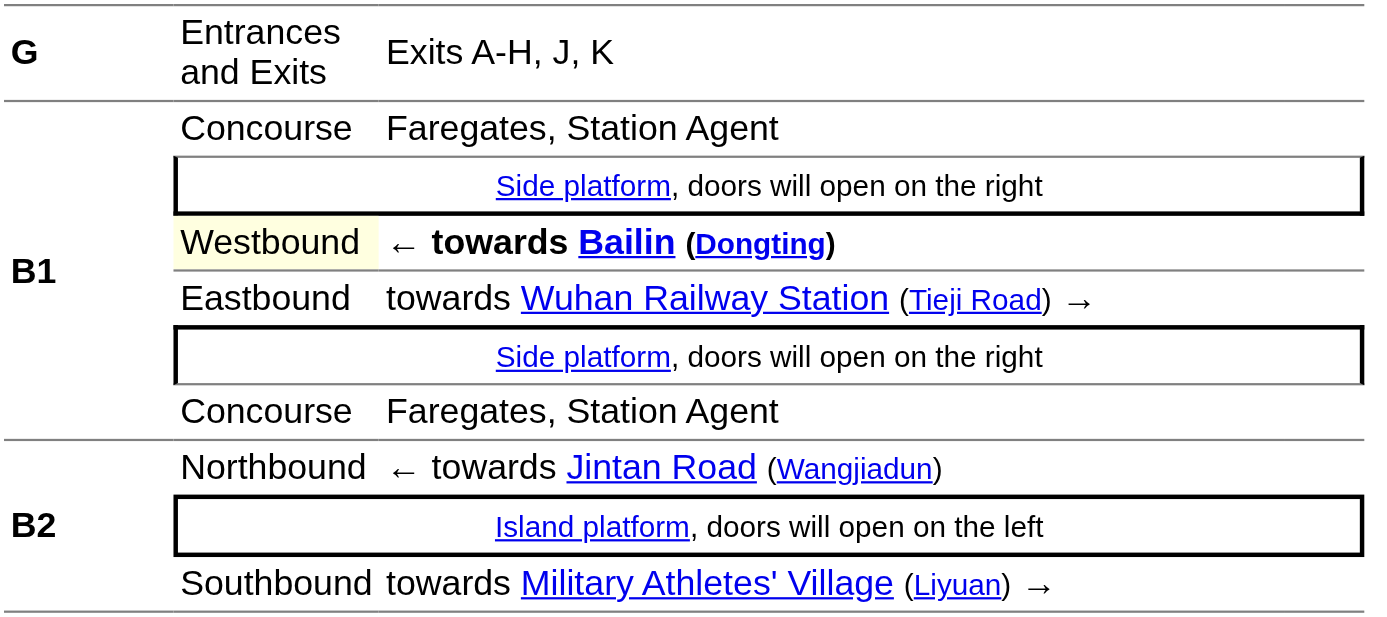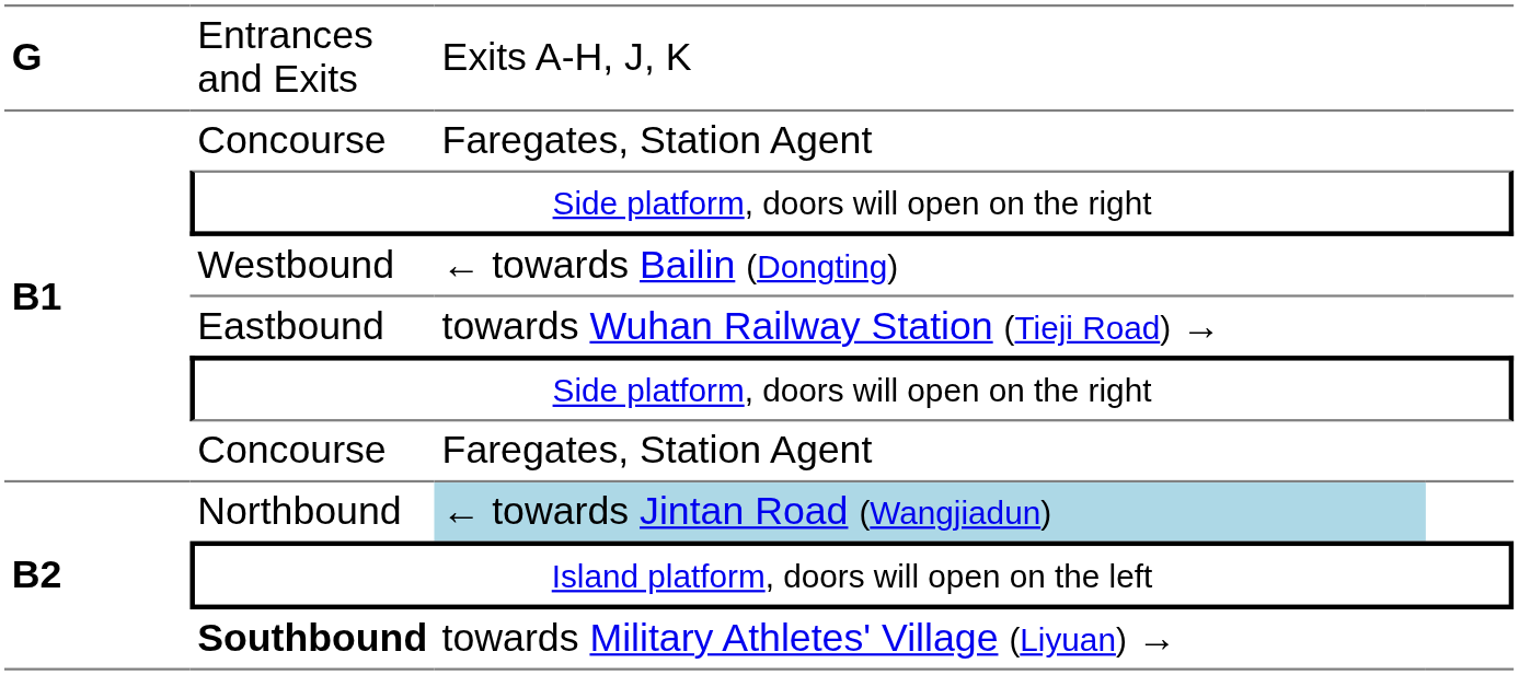 <table table border=0 cellspacing=0 cellpadding=3>
 <tr>
 <td style="border-top:solid 1px gray;" width=70><strong>G</strong></td>
 <td style="border-top:solid 1px gray;" width=70>Entrances and Exits</td>
 <td style="border-top:solid 1px gray;" width=400>Exits A-H, J, K</td>
 <td style="border-top:solid 1px gray;" width=30></td>
 </tr>
 <tr>
 <td style="border-top:solid 1px gray;border-bottom:solid 1px gray;" rowspan=6><strong>B1</strong></td>
 <td style="border-top:solid 1px gray;">Concourse</td>
 <td style="border-top:solid 1px gray;">Faregates, Station Agent</td>
 <td style="border-top:solid 1px gray;"></td>
 </tr>
 <tr>
 <td style="border-right:solid 2px black;border-left:solid 2px black;border-top:solid 1px gray;border-bottom:solid 2px black;text-align:center;" colspan=3><small><a href='#'>Side platform</a>, doors will open on the right</small></td>
 </tr>
 <tr>
-<td style="background: lightyellow;">Westbound</td>
-<td><strong>←  towards <a href='#'>Bailin</a> <small>(<a href='#'>Dongting</a>)</small></strong></td>
+<td>Westbound</td>
+<td>←  towards <a href='#'>Bailin</a> <small>(<a href='#'>Dongting</a>)</small></td>
 <td></td>
 </tr>
 <tr>
 <td style="border-top:solid 1px gray;">Eastbound</td>
 <td style="border-top:solid 1px gray;"> towards <a href='#'>Wuhan Railway Station</a> <small>(<a href='#'>Tieji Road</a>)</small> →</td>
 <td style="border-top:solid 1px gray;"></td>
 </tr>
 <tr>
 <td style="border-right:solid 2px black;border-left:solid 2px black;border-top:solid 2px black;border-bottom:solid 1px gray;text-align:center;" colspan=3><small><a href='#'>Side platform</a>, doors will open on the right</small></td>
 </tr>
 <tr>
 <td style="border-bottom:solid 1px gray;">Concourse</td>
 <td style="border-bottom:solid 1px gray;">Faregates, Station Agent</td>
 <td style="border-bottom:solid 1px gray;"></td>
 </tr>
 <tr>
 <td style="border-bottom:solid 1px gray;" rowspan=3><strong>B2</strong></td>
 <td>Northbound</td>
-<td>←  towards <a href='#'>Jintan Road</a> <small>(<a href='#'>Wangjiadun</a>)</small></td>
+<td style="background: lightblue;">←  towards <a href='#'>Jintan Road</a> <small>(<a href='#'>Wangjiadun</a>)</small></td>
 <td></td>
 </tr>
 <tr>
 <td style="border-right:solid 2px black;border-left:solid 2px black;border-top:solid 2px black;border-bottom:solid 2px black;text-align:center;" colspan=3><small><a href='#'>Island platform</a>, doors will open on the left</small></td>
 </tr>
 <tr>
-<td style="border-bottom:solid 1px gray;">Southbound</td>
+<td style="border-bottom:solid 1px gray;"><strong>Southbound</strong></td>
 <td style="border-bottom:solid 1px gray;"> towards <a href='#'>Military Athletes' Village</a> <small>(<a href='#'>Liyuan</a>)</small> →</td>
 <td style="border-bottom:solid 1px gray;"></td>
 </tr>
 </table>
